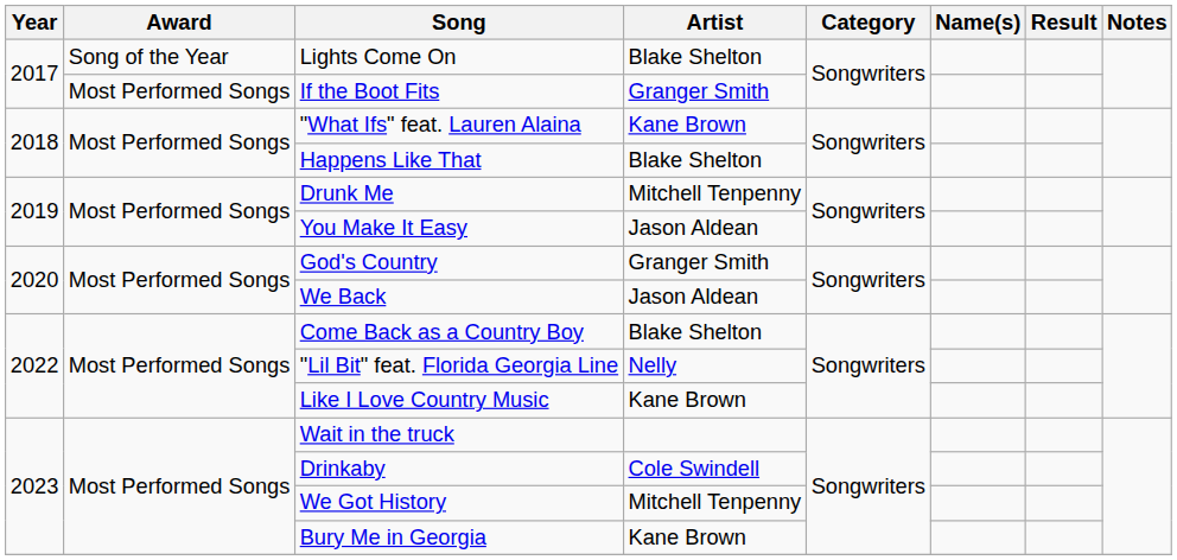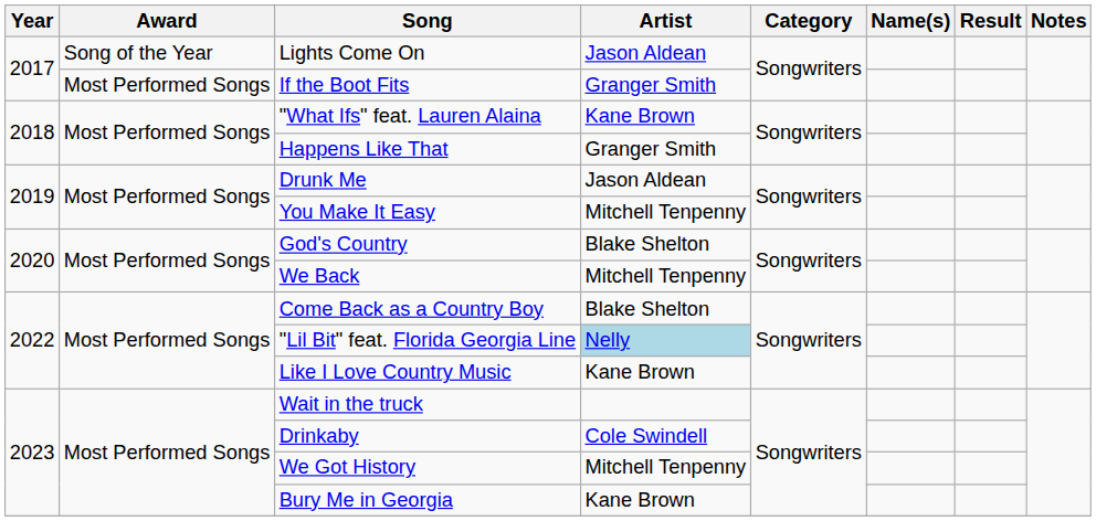 <table class="wikitable">
 <tr>
 <th>Year</th>
 <th>Award</th>
 <th>Song</th>
 <th>Artist</th>
 <th>Category</th>
 <th>Name(s)</th>
 <th>Result</th>
 <th>Notes</th>
 </tr>
 <tr>
 <td rowspan="2">2017</td>
 <td>Song of the Year</td>
 <td>Lights Come On</td>
-<td>Blake Shelton</td>
+<td><a href='#'>Jason Aldean</a></td>
 <td rowspan="2">Songwriters</td>
 <td></td>
 <td></td>
 <td rowspan="2"></td>
 </tr>
 <tr>
 <td>Most Performed Songs</td>
 <td><a href='#'>If the Boot Fits</a></td>
 <td><a href='#'>Granger Smith</a></td>
 <td></td>
 <td></td>
 </tr>
 <tr>
 <td rowspan="2">2018</td>
 <td rowspan="2">Most Performed Songs</td>
 <td>"<a href='#'>What Ifs</a>" feat. <a href='#'>Lauren Alaina</a></td>
 <td><a href='#'>Kane Brown</a></td>
 <td rowspan="2">Songwriters</td>
 <td></td>
 <td></td>
 <td rowspan="2"></td>
 </tr>
 <tr>
 <td><a href='#'>Happens Like That</a></td>
-<td>Blake Shelton</td>
+<td>Granger Smith</td>
 <td></td>
 <td></td>
 </tr>
 <tr>
 <td rowspan="2">2019</td>
 <td rowspan="2">Most Performed Songs<br></td>
 <td><a href='#'>Drunk Me</a></td>
-<td>Mitchell Tenpenny</td>
+<td>Jason Aldean</td>
 <td rowspan="2">Songwriters</td>
 <td></td>
 <td></td>
 <td rowspan="2"></td>
 </tr>
 <tr>
 <td><a href='#'>You Make It Easy</a></td>
-<td>Jason Aldean</td>
+<td>Mitchell Tenpenny</td>
 <td></td>
 <td></td>
 </tr>
 <tr>
 <td rowspan="2">2020</td>
 <td rowspan="2">Most Performed Songs</td>
 <td><a href='#'>God's Country</a></td>
-<td>Granger Smith</td>
+<td>Blake Shelton</td>
 <td rowspan="2">Songwriters</td>
 <td></td>
 <td></td>
 <td rowspan="2"></td>
 </tr>
 <tr>
 <td><a href='#'>We Back</a></td>
-<td>Jason Aldean</td>
+<td>Mitchell Tenpenny</td>
 <td></td>
 <td></td>
 </tr>
 <tr>
 <td rowspan="3">2022</td>
 <td rowspan="3">Most Performed Songs</td>
 <td><a href='#'>Come Back as a Country Boy</a></td>
 <td>Blake Shelton</td>
 <td rowspan="3">Songwriters</td>
 <td></td>
 <td></td>
 <td rowspan="3"></td>
 </tr>
 <tr>
 <td>"<a href='#'>Lil Bit</a>" feat. <a href='#'>Florida Georgia Line</a></td>
-<td><a href='#'>Nelly</a></td>
+<td style="background: lightblue;"><a href='#'>Nelly</a></td>
 <td></td>
 <td></td>
 </tr>
 <tr>
 <td><a href='#'>Like I Love Country Music</a></td>
 <td>Kane Brown</td>
 <td></td>
 <td></td>
 </tr>
 <tr>
 <td rowspan="4">2023</td>
 <td rowspan="4">Most Performed Songs<br></td>
 <td><a href='#'>Wait in the truck</a></td>
 <td></td>
 <td rowspan="4">Songwriters</td>
 <td></td>
 <td></td>
 <td rowspan="4"></td>
 </tr>
 <tr>
 <td><a href='#'>Drinkaby</a></td>
 <td><a href='#'>Cole Swindell</a></td>
 <td></td>
 <td></td>
 </tr>
 <tr>
 <td><a href='#'>We Got History</a></td>
 <td>Mitchell Tenpenny</td>
 <td></td>
 <td></td>
 </tr>
 <tr>
 <td><a href='#'>Bury Me in Georgia</a></td>
 <td>Kane Brown</td>
 <td></td>
 <td></td>
 </tr>
 <tr>
 </tr>
 </table>
